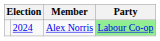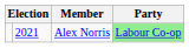 <table class="wikitable">
 <tr>
 <th colspan="2">Election</th>
 <th>Member</th>
 <th>Party</th>
 </tr>
 <tr>
 <td style="color:inherit;background-color: "></td>
-<td><a href='#'>2024</a></td>
+<td><a href='#'>2021</a></td>
 <td><a href='#'>Alex Norris</a></td>
 <td style="background: lightgreen;"><a href='#'>Labour Co-op</a></td>
 </tr>
 </table>
